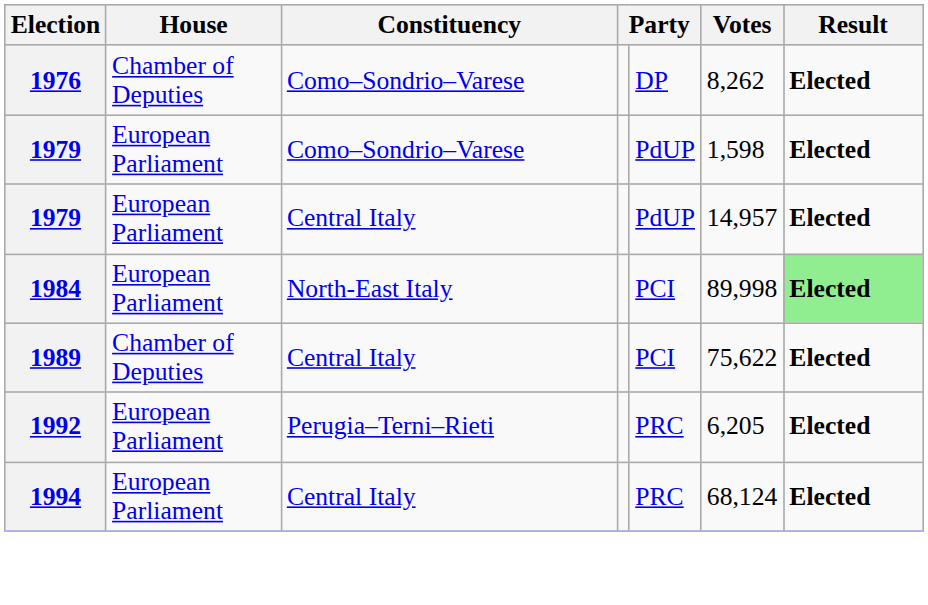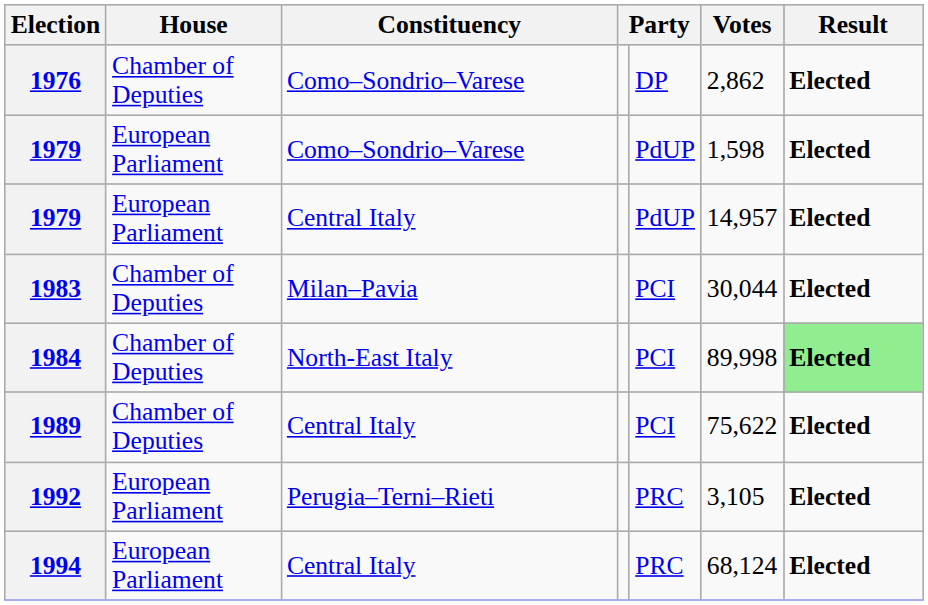 <table class=wikitable style="width:65%; border:1px #AAAAFF solid">
 <tr>
 <th width=10%>Election</th>
 <th width=20%>House</th>
 <th width=40%>Constituency</th>
 <th width=5% colspan="2">Party</th>
 <th width=9%>Votes</th>
 <th width=22%>Result</th>
 </tr>
 <tr>
 <th><a href='#'>1976</a></th>
 <td><a href='#'>Chamber of Deputies</a></td>
 <td><a href='#'>Como–Sondrio–Varese</a></td>
 <td></td>
 <td><a href='#'>DP</a></td>
-<td>8,262</td>
+<td>2,862</td>
 <td> <strong>Elected</strong></td>
 </tr>
 <tr>
 <th><a href='#'>1979</a></th>
 <td><a href='#'>European Parliament</a></td>
 <td><a href='#'>Como–Sondrio–Varese</a></td>
 <td></td>
 <td><a href='#'>PdUP</a></td>
 <td>1,598</td>
 <td> <strong>Elected</strong></td>
 </tr>
 <tr>
 <th><a href='#'>1979</a></th>
 <td><a href='#'>European Parliament</a></td>
 <td><a href='#'>Central Italy</a></td>
 <td></td>
 <td><a href='#'>PdUP</a></td>
 <td>14,957</td>
 <td> <strong>Elected</strong></td>
 </tr>
 <tr>
+<th><a href='#'>1983</a></th>
+<td><a href='#'>Chamber of Deputies</a></td>
+<td><a href='#'>Milan–Pavia</a></td>
+<td></td>
+<td><a href='#'>PCI</a></td>
+<td>30,044</td>
+<td> <strong>Elected</strong></td>
+</tr>
+<tr>
 <th><a href='#'>1984</a></th>
-<td><a href='#'>European Parliament</a></td>
+<td><a href='#'>Chamber of Deputies</a></td>
 <td><a href='#'>North-East Italy</a></td>
 <td></td>
 <td><a href='#'>PCI</a></td>
 <td>89,998</td>
 <td style="background: lightgreen;"> <strong>Elected</strong></td>
 </tr>
 <tr>
 <th><a href='#'>1989</a></th>
 <td><a href='#'>Chamber of Deputies</a></td>
 <td><a href='#'>Central Italy</a></td>
 <td></td>
 <td><a href='#'>PCI</a></td>
 <td>75,622</td>
 <td> <strong>Elected</strong></td>
 </tr>
 <tr>
 <th><a href='#'>1992</a></th>
 <td><a href='#'>European Parliament</a></td>
 <td><a href='#'>Perugia–Terni–Rieti</a></td>
 <td></td>
 <td><a href='#'>PRC</a></td>
-<td>6,205</td>
+<td>3,105</td>
 <td> <strong>Elected</strong></td>
 </tr>
 <tr>
 <th><a href='#'>1994</a></th>
 <td><a href='#'>European Parliament</a></td>
 <td><a href='#'>Central Italy</a></td>
 <td></td>
 <td><a href='#'>PRC</a></td>
 <td>68,124</td>
 <td> <strong>Elected</strong></td>
 </tr>
 <tr>
 </tr>
 </table>
